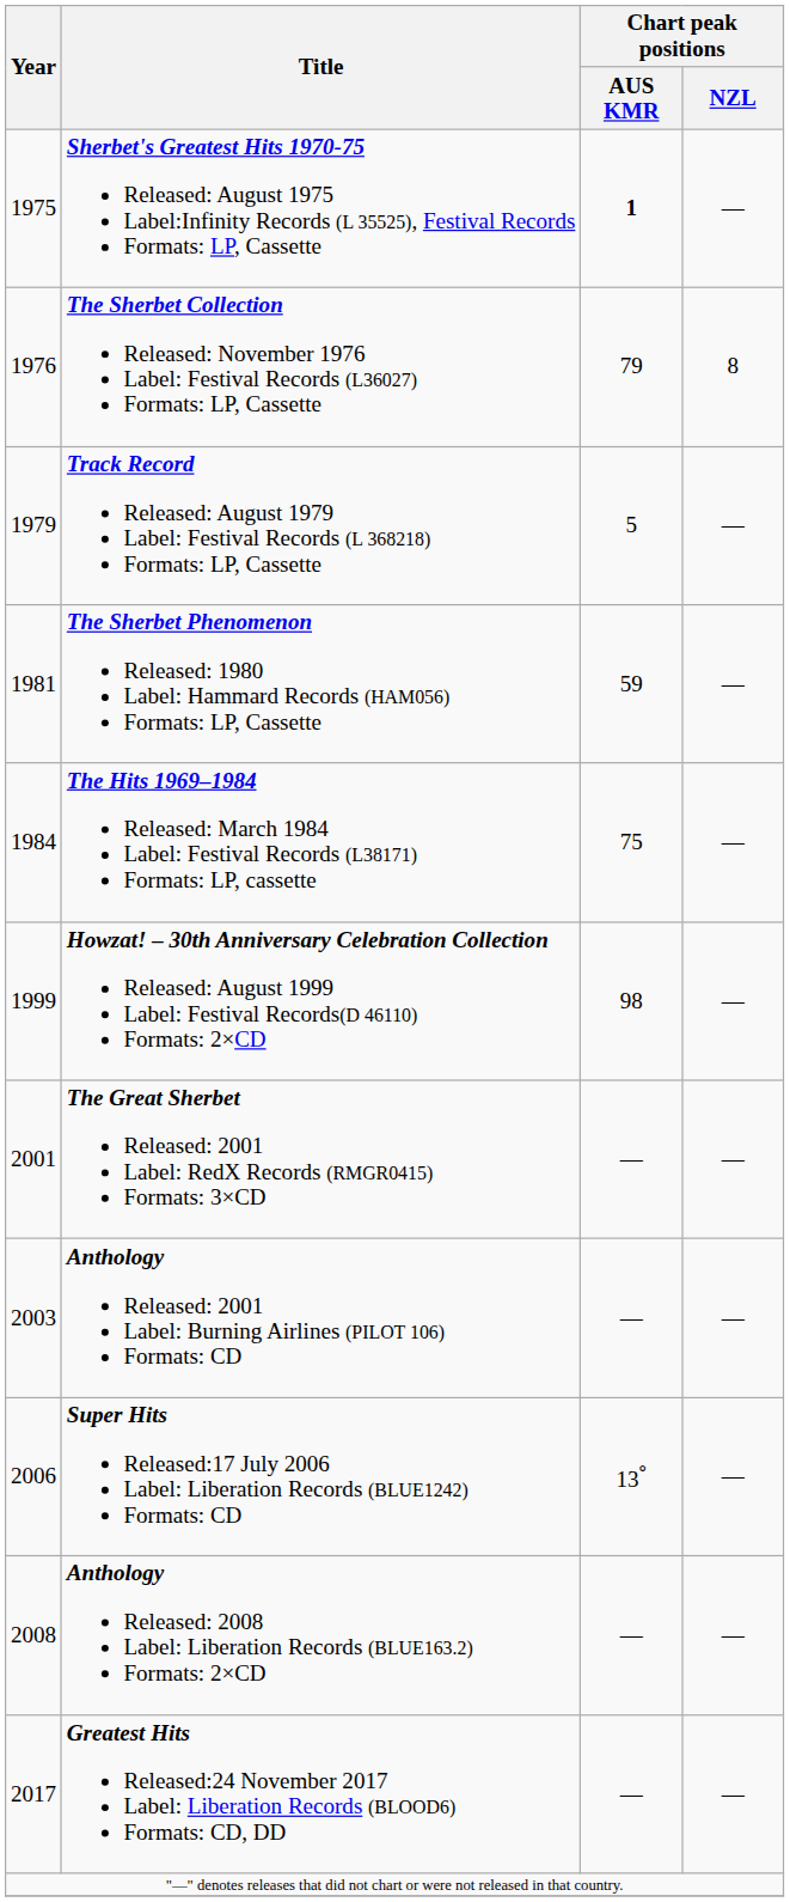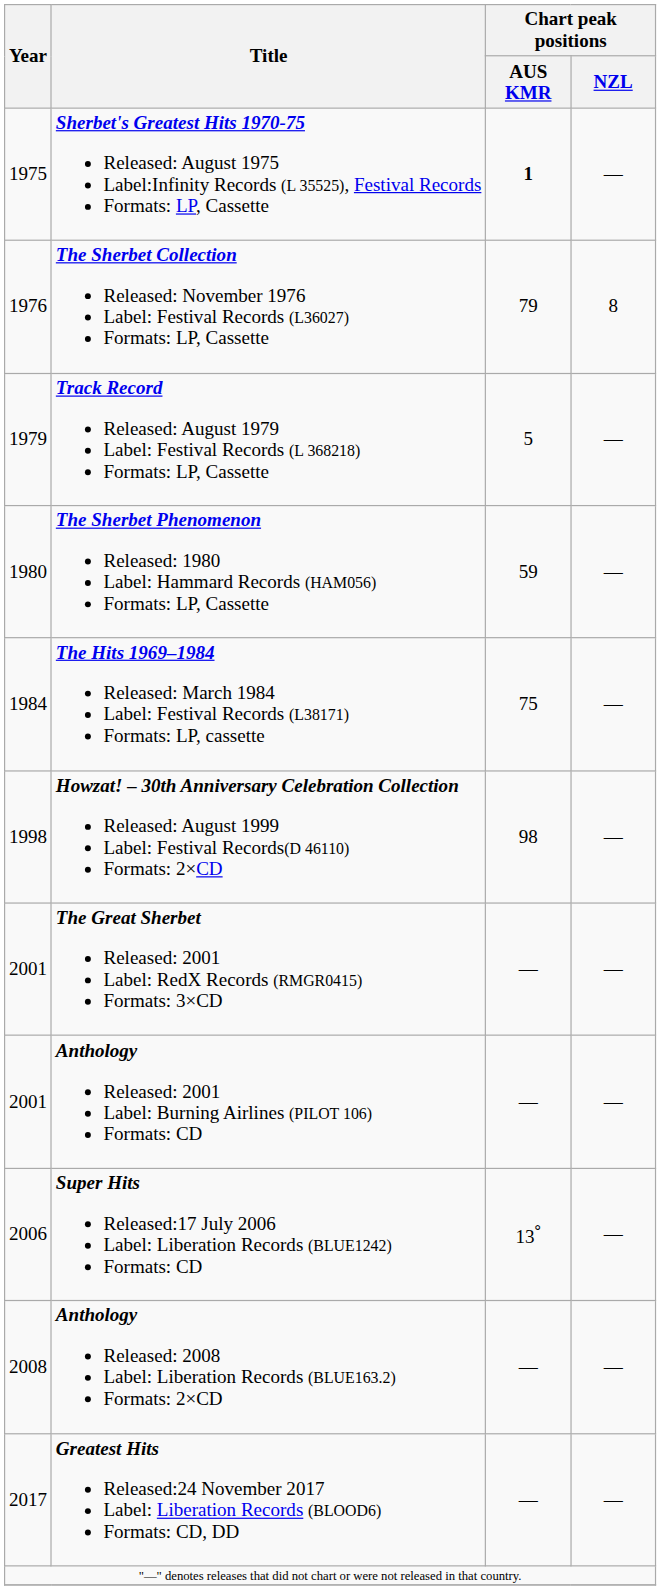 <table class="wikitable">
 <tr>
 <th rowspan="2">Year</th>
 <th rowspan="2">Title</th>
 <th colspan="2">Chart peak positions</th>
 </tr>
 <tr>
 <th style="width:4em">AUS<br><a href='#'>KMR</a><br></th>
 <th style="width:4em"><a href='#'>NZL</a><br></th>
 </tr>
 <tr>
 <td align="center">1975</td>
 <td><strong><em><a href='#'>Sherbet's Greatest Hits 1970-75</a></em></strong><br><ul><li>Released: August 1975</li><li>Label:Infinity Records <small>(L 35525)</small>, <a href='#'>Festival Records</a></li><li>Formats: <a href='#'>LP</a>, Cassette</li></ul></td>
 <td align="center"><strong>1</strong></td>
 <td align="center">—</td>
 </tr>
 <tr>
 <td align="center">1976</td>
 <td><strong><em><a href='#'>The Sherbet Collection</a></em></strong><br><ul><li>Released: November 1976</li><li>Label: Festival Records <small>(L36027)</small></li><li>Formats: LP, Cassette</li></ul></td>
 <td align="center">79</td>
 <td align="center">8</td>
 </tr>
 <tr>
 <td align="center">1979</td>
 <td><strong><em><a href='#'>Track Record</a></em></strong><br><ul><li>Released: August 1979</li><li>Label: Festival Records <small>(L 368218)</small></li><li>Formats: LP, Cassette</li></ul></td>
 <td align="center">5</td>
 <td align="center">—</td>
 </tr>
 <tr>
-<td align="center">1981</td>
+<td align="center">1980</td>
 <td><strong><em><a href='#'>The Sherbet Phenomenon</a></em></strong><br><ul><li>Released: 1980</li><li>Label: Hammard Records <small>(HAM056)</small></li><li>Formats: LP, Cassette</li></ul></td>
 <td align="center">59</td>
 <td align="center">—</td>
 </tr>
 <tr>
 <td align="center">1984</td>
 <td><strong><em><a href='#'>The Hits 1969–1984</a></em></strong><br><ul><li>Released: March 1984</li><li>Label: Festival Records <small>(L38171)</small></li><li>Formats: LP, cassette</li></ul></td>
 <td align="center">75</td>
 <td align="center">—</td>
 </tr>
 <tr>
-<td align="center">1999</td>
+<td align="center">1998</td>
 <td><strong><em>Howzat! – 30th Anniversary Celebration Collection</em></strong><br><ul><li>Released: August 1999</li><li>Label: Festival Records<small>(D 46110)</small></li><li>Formats: 2×<a href='#'>CD</a></li></ul></td>
 <td align="center">98</td>
 <td align="center">—</td>
 </tr>
 <tr>
 <td align="center">2001</td>
 <td><strong><em>The Great Sherbet</em></strong><br><ul><li>Released: 2001</li><li>Label: RedX Records <small>(RMGR0415)</small></li><li>Formats: 3×CD</li></ul></td>
 <td align="center">—</td>
 <td align="center">—</td>
 </tr>
 <tr>
-<td align="center">2003</td>
+<td align="center">2001</td>
 <td><strong><em>Anthology</em></strong><br><ul><li>Released: 2001</li><li>Label: Burning Airlines <small>(PILOT 106)</small></li><li>Formats: CD</li></ul></td>
 <td align="center">—</td>
 <td align="center">—</td>
 </tr>
 <tr>
 <td align="center" rowspan="1">2006</td>
 <td><strong><em>Super Hits</em></strong><br><ul><li>Released:17 July 2006</li><li>Label: Liberation Records <small>(BLUE1242)</small></li><li>Formats: CD</li></ul></td>
 <td align="center">13<sup><strong>°</strong></sup></td>
 <td align="center">—</td>
 </tr>
 <tr>
 <td align="center" rowspan="1">2008</td>
 <td><strong><em>Anthology</em></strong><br><ul><li>Released: 2008</li><li>Label: Liberation Records <small>(BLUE163.2)</small></li><li>Formats: 2×CD</li></ul></td>
 <td align="center">—</td>
 <td align="center">—</td>
 </tr>
 <tr>
 <td align="center" rowspan="1">2017</td>
 <td><strong><em>Greatest Hits</em></strong><br><ul><li>Released:24 November 2017 </li><li>Label: <a href='#'>Liberation Records</a> <small>(BLOOD6)</small></li><li>Formats: CD, DD</li></ul></td>
 <td align="center">—</td>
 <td align="center">—</td>
 </tr>
 <tr>
 <td align="center" colspan="5" style="font-size: 8pt">"—" denotes releases that did not chart or were not released in that country.</td>
 </tr>
 <tr>
 </tr>
 </table>
